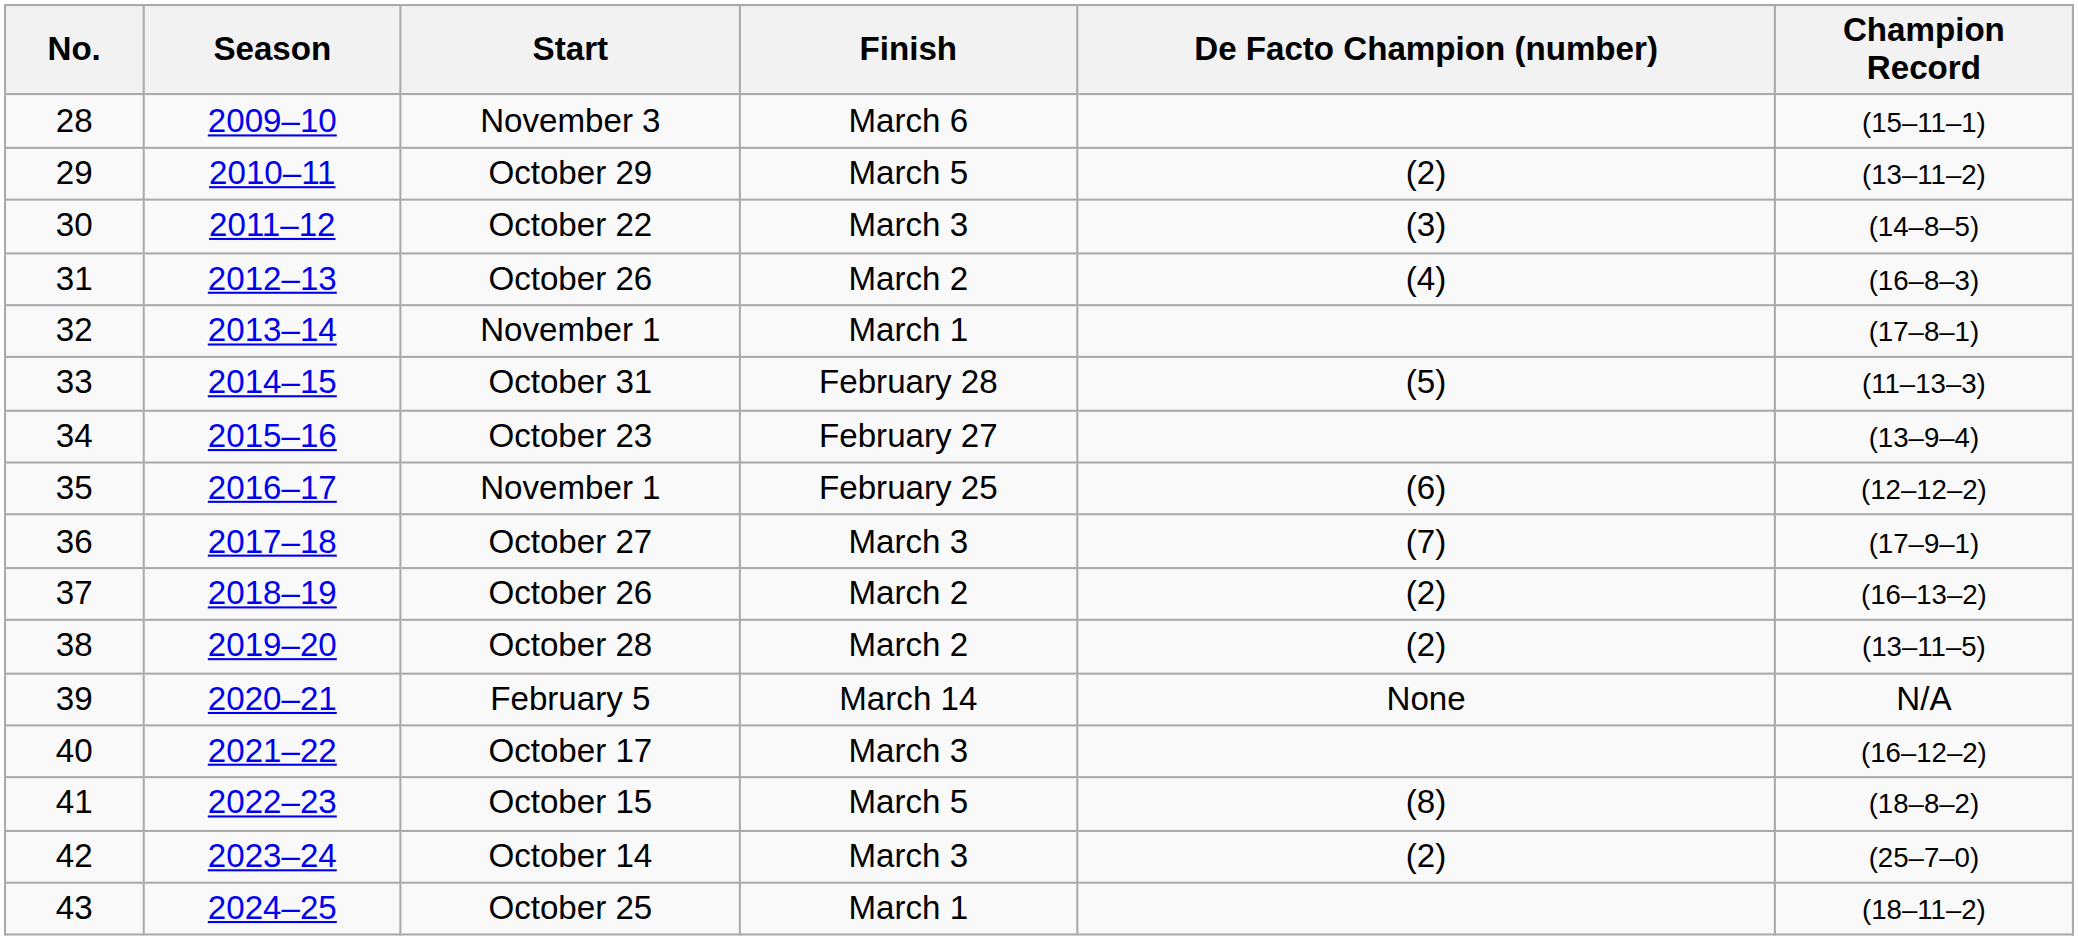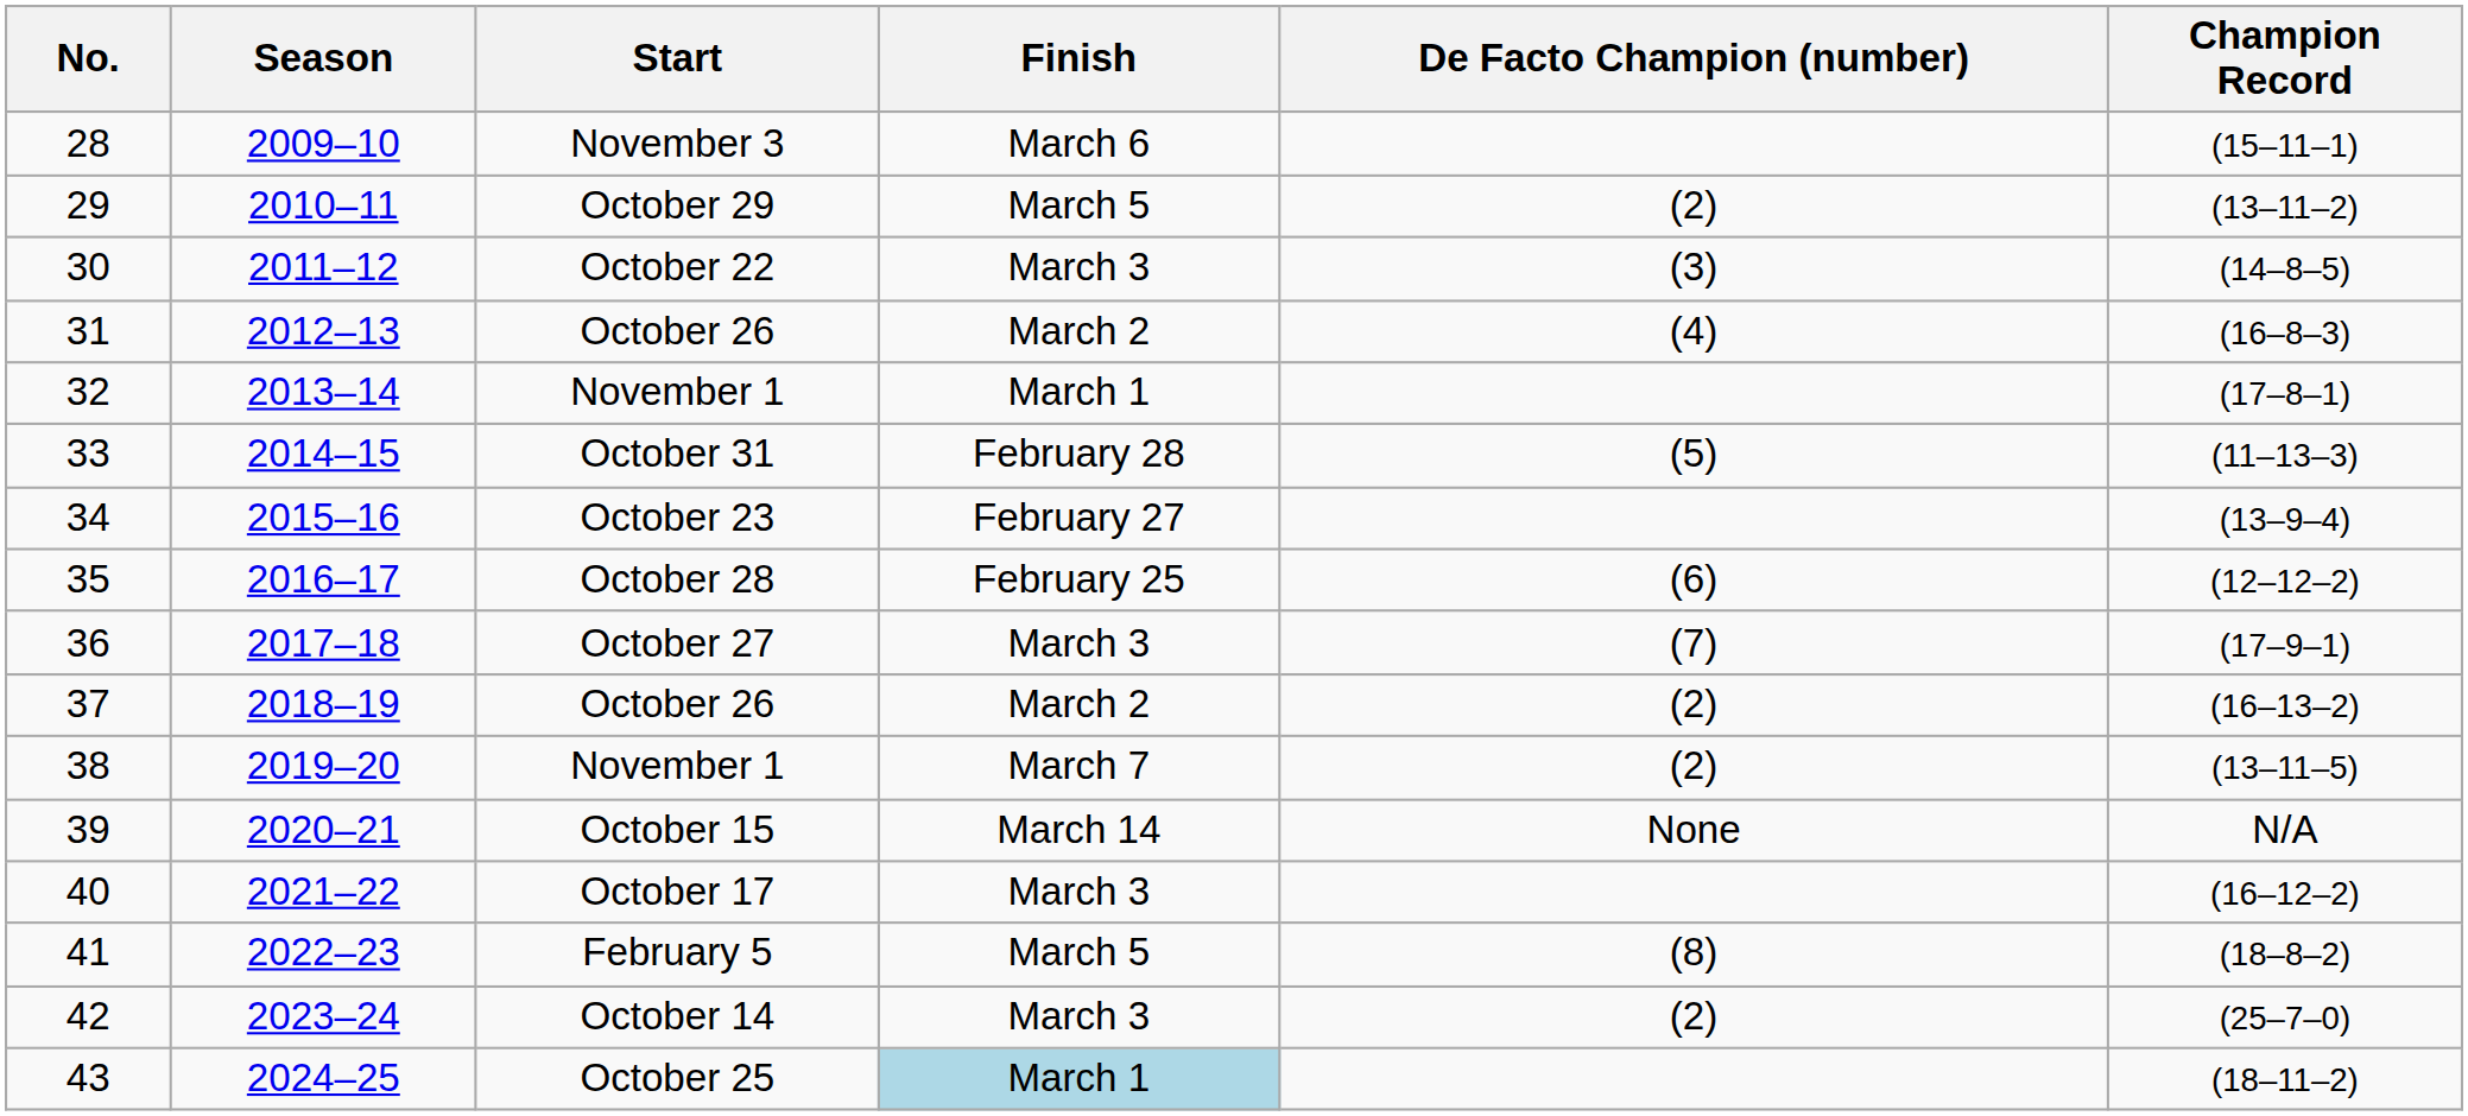 <table class="wikitable" width=1000>
 <tr>
 <th style="width:3em">No.</th>
 <th style="width:6em">Season</th>
 <th style="width:8em">Start</th>
 <th style="width:8em">Finish</th>
 <th style="width:17em">De Facto Champion (number)</th>
 <th style="width:7em">Champion Record</th>
 </tr>
 <tr style="text-align:center;">
 <td>28</td>
 <td><a href='#'>2009–10</a></td>
 <td>November 3</td>
 <td>March 6</td>
 <td><a href='#'></a></td>
 <td><small>(15–11–1)</small></td>
 </tr>
 <tr style="text-align:center;">
 <td>29</td>
 <td><a href='#'>2010–11</a></td>
 <td>October 29</td>
 <td>March 5</td>
 <td><a href='#'></a> (2)</td>
 <td><small>(13–11–2)</small></td>
 </tr>
 <tr style="text-align:center;">
 <td>30</td>
 <td><a href='#'>2011–12</a></td>
 <td>October 22</td>
 <td>March 3</td>
 <td><a href='#'></a> (3)</td>
 <td><small>(14–8–5)</small></td>
 </tr>
 <tr style="text-align:center;">
 <td>31</td>
 <td><a href='#'>2012–13</a></td>
 <td>October 26</td>
 <td>March 2</td>
 <td><a href='#'></a> (4)</td>
 <td><small>(16–8–3)</small></td>
 </tr>
 <tr style="text-align:center;">
 <td>32</td>
 <td><a href='#'>2013–14</a></td>
 <td>November 1</td>
 <td>March 1</td>
 <td><a href='#'></a></td>
 <td><small>(17–8–1)</small></td>
 </tr>
 <tr style="text-align:center;">
 <td>33</td>
 <td><a href='#'>2014–15</a></td>
 <td>October 31</td>
 <td>February 28</td>
 <td><a href='#'></a> (5)</td>
 <td><small>(11–13–3)</small></td>
 </tr>
 <tr style="text-align:center;">
 <td>34</td>
 <td><a href='#'>2015–16</a></td>
 <td>October 23</td>
 <td>February 27</td>
 <td><a href='#'></a></td>
 <td><small>(13–9–4)</small></td>
 </tr>
 <tr style="text-align:center;">
 <td>35</td>
 <td><a href='#'>2016–17</a></td>
-<td>November 1</td>
+<td>October 28</td>
 <td>February 25</td>
 <td><a href='#'></a> (6)</td>
 <td><small>(12–12–2)</small></td>
 </tr>
 <tr style="text-align:center;">
 <td>36</td>
 <td><a href='#'>2017–18</a></td>
 <td>October 27</td>
 <td>March 3</td>
 <td><a href='#'></a> (7)</td>
 <td><small>(17–9–1)</small></td>
 </tr>
 <tr style="text-align:center;">
 <td>37</td>
 <td><a href='#'>2018–19</a></td>
 <td>October 26</td>
 <td>March 2</td>
 <td><a href='#'></a> (2)</td>
 <td><small>(16–13–2)</small></td>
 </tr>
 <tr style="text-align:center;">
 <td>38</td>
 <td><a href='#'>2019–20</a></td>
-<td>October 28</td>
-<td>March 2</td>
+<td>November 1</td>
+<td>March 7</td>
 <td><a href='#'></a> (2)</td>
 <td><small>(13–11–5)</small></td>
 </tr>
 <tr style="text-align:center;">
 <td>39</td>
 <td><a href='#'>2020–21</a></td>
-<td>February 5</td>
+<td>October 15</td>
 <td>March 14</td>
 <td>None</td>
 <td>N/A</td>
 </tr>
 <tr style="text-align:center;">
 <td>40</td>
 <td><a href='#'>2021–22</a></td>
 <td>October 17</td>
 <td>March 3</td>
 <td><a href='#'></a></td>
 <td><small>(16–12–2)</small></td>
 </tr>
 <tr style="text-align:center;">
 <td>41</td>
 <td><a href='#'>2022–23</a></td>
-<td>October 15</td>
+<td>February 5</td>
 <td>March 5</td>
 <td><a href='#'></a> (8)</td>
 <td><small>(18–8–2)</small></td>
 </tr>
 <tr style="text-align:center;">
 <td>42</td>
 <td><a href='#'>2023–24</a></td>
 <td>October 14</td>
 <td>March 3</td>
 <td><a href='#'></a> (2)</td>
 <td><small>(25–7–0)</small></td>
 </tr>
 <tr style="text-align:center;">
 <td>43</td>
 <td><a href='#'>2024–25</a></td>
 <td>October 25</td>
-<td>March 1</td>
+<td style="background: lightblue;">March 1</td>
 <td><a href='#'></a></td>
 <td><small>(18–11–2)</small></td>
 </tr>
 </table>
